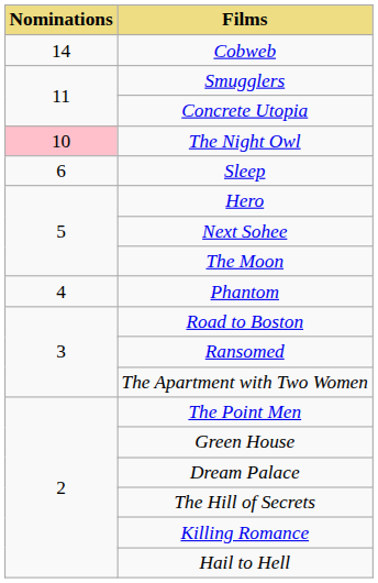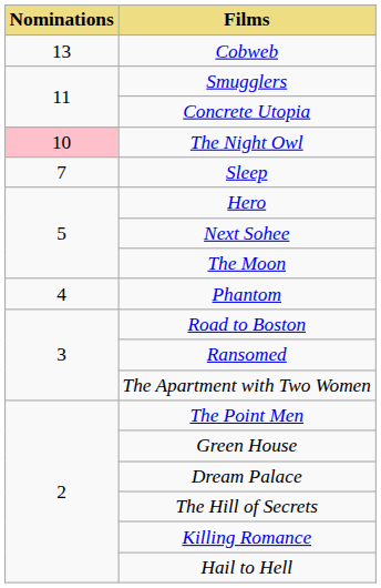 <table class="wikitable" align="center" style="text-align: center">
 <tr>
 <th style="background:#EEDD82; text-align:center">Nominations</th>
 <th style="background:#EEDD82; text-align:center">Films</th>
 </tr>
 <tr>
-<td style="text-align:center">14</td>
+<td style="text-align:center">13</td>
 <td><em><a href='#'>Cobweb</a></em></td>
 </tr>
 <tr>
 <td rowspan=2 style="text-align:center">11</td>
 <td><em><a href='#'>Smugglers</a></em></td>
 </tr>
 <tr>
 <td><em><a href='#'>Concrete Utopia</a></em></td>
 </tr>
 <tr>
 <td style="background: pink; text-align:center">10</td>
 <td><em><a href='#'>The Night Owl</a></em></td>
 </tr>
 <tr>
-<td style="text-align:center">6</td>
+<td style="text-align:center">7</td>
 <td><em><a href='#'>Sleep</a></em></td>
 </tr>
 <tr>
 <td rowspan=3 style="text-align:center">5</td>
 <td><em><a href='#'>Hero</a></em></td>
 </tr>
 <tr>
 <td><em><a href='#'>Next Sohee</a></em></td>
 </tr>
 <tr>
 <td><em><a href='#'>The Moon</a></em></td>
 </tr>
 <tr>
 <td style="text-align:center">4</td>
 <td><em><a href='#'>Phantom</a></em></td>
 </tr>
 <tr>
 <td rowspan=3 style="text-align:center">3</td>
 <td><em><a href='#'>Road to Boston</a></em></td>
 </tr>
 <tr>
 <td><em><a href='#'>Ransomed</a></em></td>
 </tr>
 <tr>
 <td><em>The Apartment with Two Women</em></td>
 </tr>
 <tr>
 <td rowspan=6 style="text-align:center">2</td>
 <td><em><a href='#'>The Point Men</a></em></td>
 </tr>
 <tr>
 <td><em>Green House</em></td>
 </tr>
 <tr>
 <td><em>Dream Palace</em></td>
 </tr>
 <tr>
 <td><em>The Hill of Secrets</em></td>
 </tr>
 <tr>
 <td><em><a href='#'>Killing Romance</a></em></td>
 </tr>
 <tr>
 <td><em>Hail to Hell</em></td>
 </tr>
 </table>
